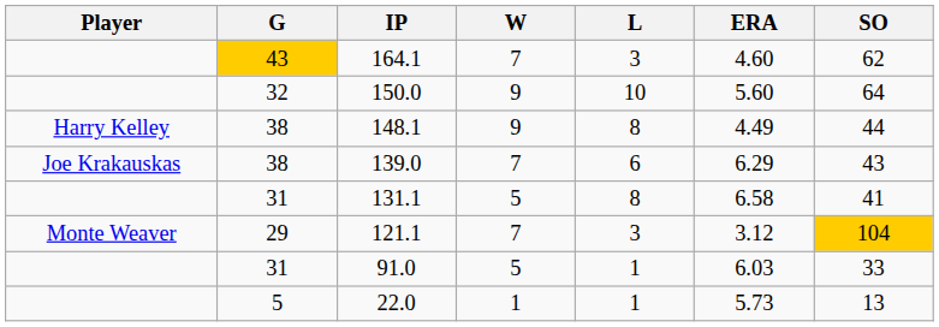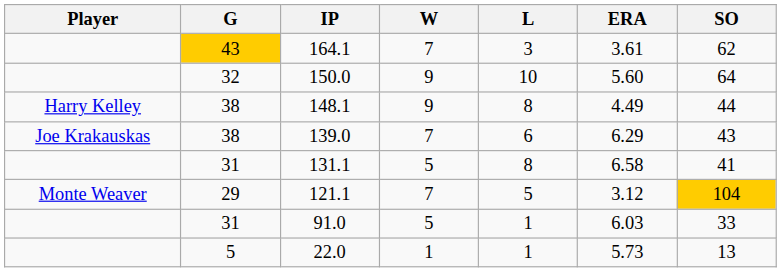 <table class="wikitable sortable">
 <tr>
 <th bgcolor="#DDDDFF" width="16%">Player</th>
 <th bgcolor="#DDDDFF" width="9%">G</th>
 <th bgcolor="#DDDDFF" width="9%">IP</th>
 <th bgcolor="#DDDDFF" width="9%">W</th>
 <th bgcolor="#DDDDFF" width="9%">L</th>
 <th bgcolor="#DDDDFF" width="9%">ERA</th>
 <th bgcolor="#DDDDFF" width="9%">SO</th>
 </tr>
 <tr align="center">
 <td></td>
 <td style="background:#fc0;">43</td>
 <td>164.1</td>
 <td>7</td>
 <td>3</td>
-<td>4.60</td>
+<td>3.61</td>
 <td>62</td>
 </tr>
 <tr align="center">
 <td></td>
 <td>32</td>
 <td>150.0</td>
 <td>9</td>
 <td>10</td>
 <td>5.60</td>
 <td>64</td>
 </tr>
 <tr align="center">
 <td><a href='#'>Harry Kelley</a></td>
 <td>38</td>
 <td>148.1</td>
 <td>9</td>
 <td>8</td>
 <td>4.49</td>
 <td>44</td>
 </tr>
 <tr align="center">
 <td><a href='#'>Joe Krakauskas</a></td>
 <td>38</td>
 <td>139.0</td>
 <td>7</td>
 <td>6</td>
 <td>6.29</td>
 <td>43</td>
 </tr>
 <tr align="center">
 <td></td>
 <td>31</td>
 <td>131.1</td>
 <td>5</td>
 <td>8</td>
 <td>6.58</td>
 <td>41</td>
 </tr>
 <tr align="center">
 <td><a href='#'>Monte Weaver</a></td>
 <td>29</td>
 <td>121.1</td>
 <td>7</td>
-<td>3</td>
+<td>5</td>
 <td>3.12</td>
 <td style="background:#fc0;">104</td>
 </tr>
 <tr align="center">
 <td></td>
 <td>31</td>
 <td>91.0</td>
 <td>5</td>
 <td>1</td>
 <td>6.03</td>
 <td>33</td>
 </tr>
 <tr align="center">
 <td></td>
 <td>5</td>
 <td>22.0</td>
 <td>1</td>
 <td>1</td>
 <td>5.73</td>
 <td>13</td>
 </tr>
 </table>
